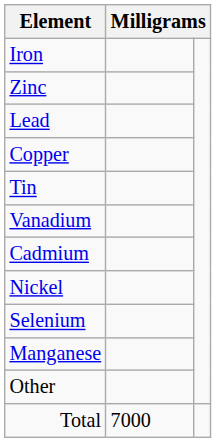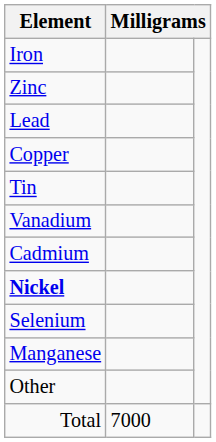 <table class="wikitable floatright" style="font-size:90%">
 <tr>
 <th>Element</th>
 <th colspan="2">Milligrams</th>
 </tr>
 <tr>
 <td><a href='#'>Iron</a></td>
 <td align="right"></td>
 </tr>
 <tr>
 <td><a href='#'>Zinc</a></td>
 <td align="right"></td>
 </tr>
 <tr>
 <td><a href='#'>Lead</a></td>
 <td align="right"></td>
 </tr>
 <tr>
 <td><a href='#'>Copper</a></td>
 <td align="right"></td>
 </tr>
 <tr>
 <td><a href='#'>Tin</a></td>
 <td align="right"></td>
 </tr>
 <tr>
 <td><a href='#'>Vanadium</a></td>
 <td align="right"></td>
 </tr>
 <tr>
 <td><a href='#'>Cadmium</a></td>
 <td align="right"></td>
 </tr>
 <tr>
-<td><a href='#'>Nickel</a></td>
+<td><strong><a href='#'>Nickel</a></strong></td>
 <td align="right"></td>
 </tr>
 <tr>
 <td><a href='#'>Selenium</a></td>
 <td align="right"></td>
 </tr>
 <tr>
 <td><a href='#'>Manganese</a></td>
 <td align="right"></td>
 </tr>
 <tr>
 <td>Other</td>
 <td align="right"></td>
 </tr>
 <tr>
 <td style="text-align:right">Total</td>
 <td>7000</td>
 <td></td>
 </tr>
 </table>
